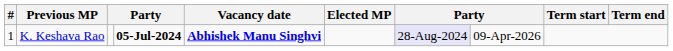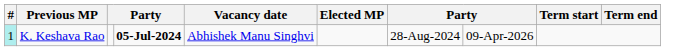 <table class="wikitable" style="text-align:center;">
 <tr>
 <th>#</th>
 <th>Previous MP</th>
 <th colspan="2">Party</th>
 <th>Vacancy date</th>
 <th>Elected MP</th>
 <th colspan="2">Party</th>
 <th>Term start</th>
 <th>Term end</th>
 </tr>
 <tr>
-<td>1</td>
+<td style="background: paleturquoise;">1</td>
 <td><a href='#'>K. Keshava Rao</a></td>
 <td></td>
 <td><strong>05-Jul-2024</strong></td>
-<td><strong><a href='#'>Abhishek Manu Singhvi</a></strong></td>
+<td><a href='#'>Abhishek Manu Singhvi</a></td>
 <td></td>
-<td style="background: lavender;">28-Aug-2024</td>
+<td>28-Aug-2024</td>
 <td>09-Apr-2026</td>
 </tr>
 </table>
